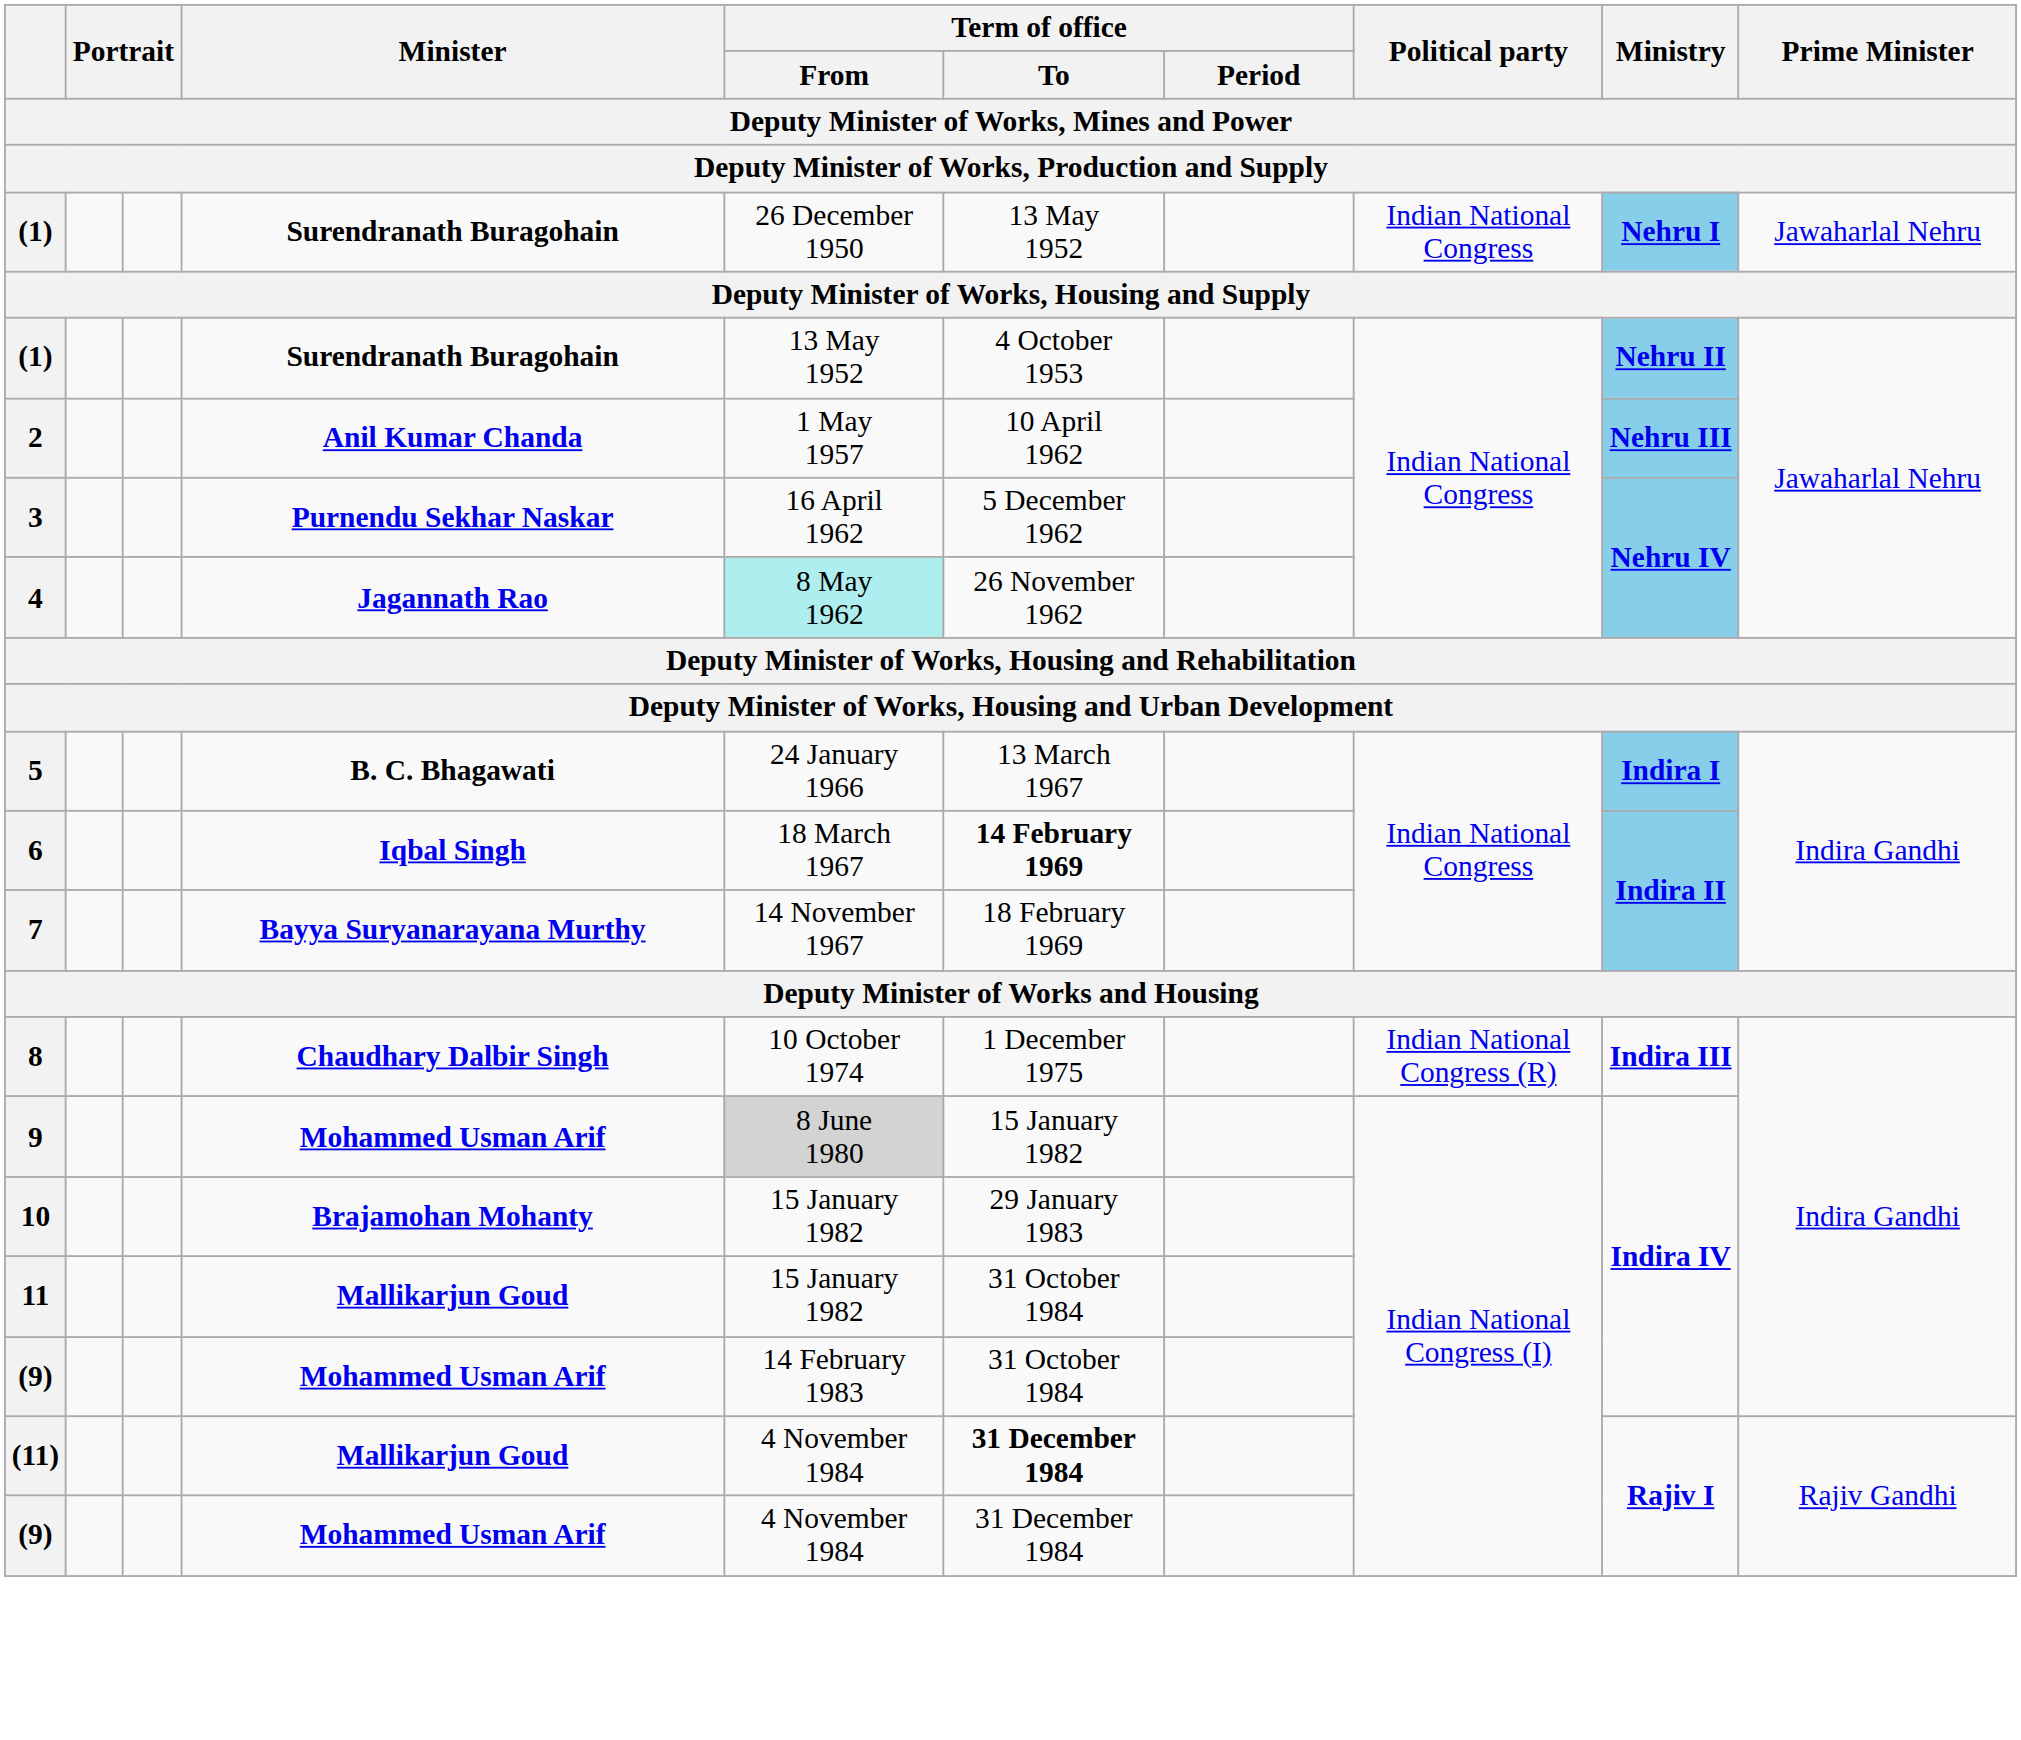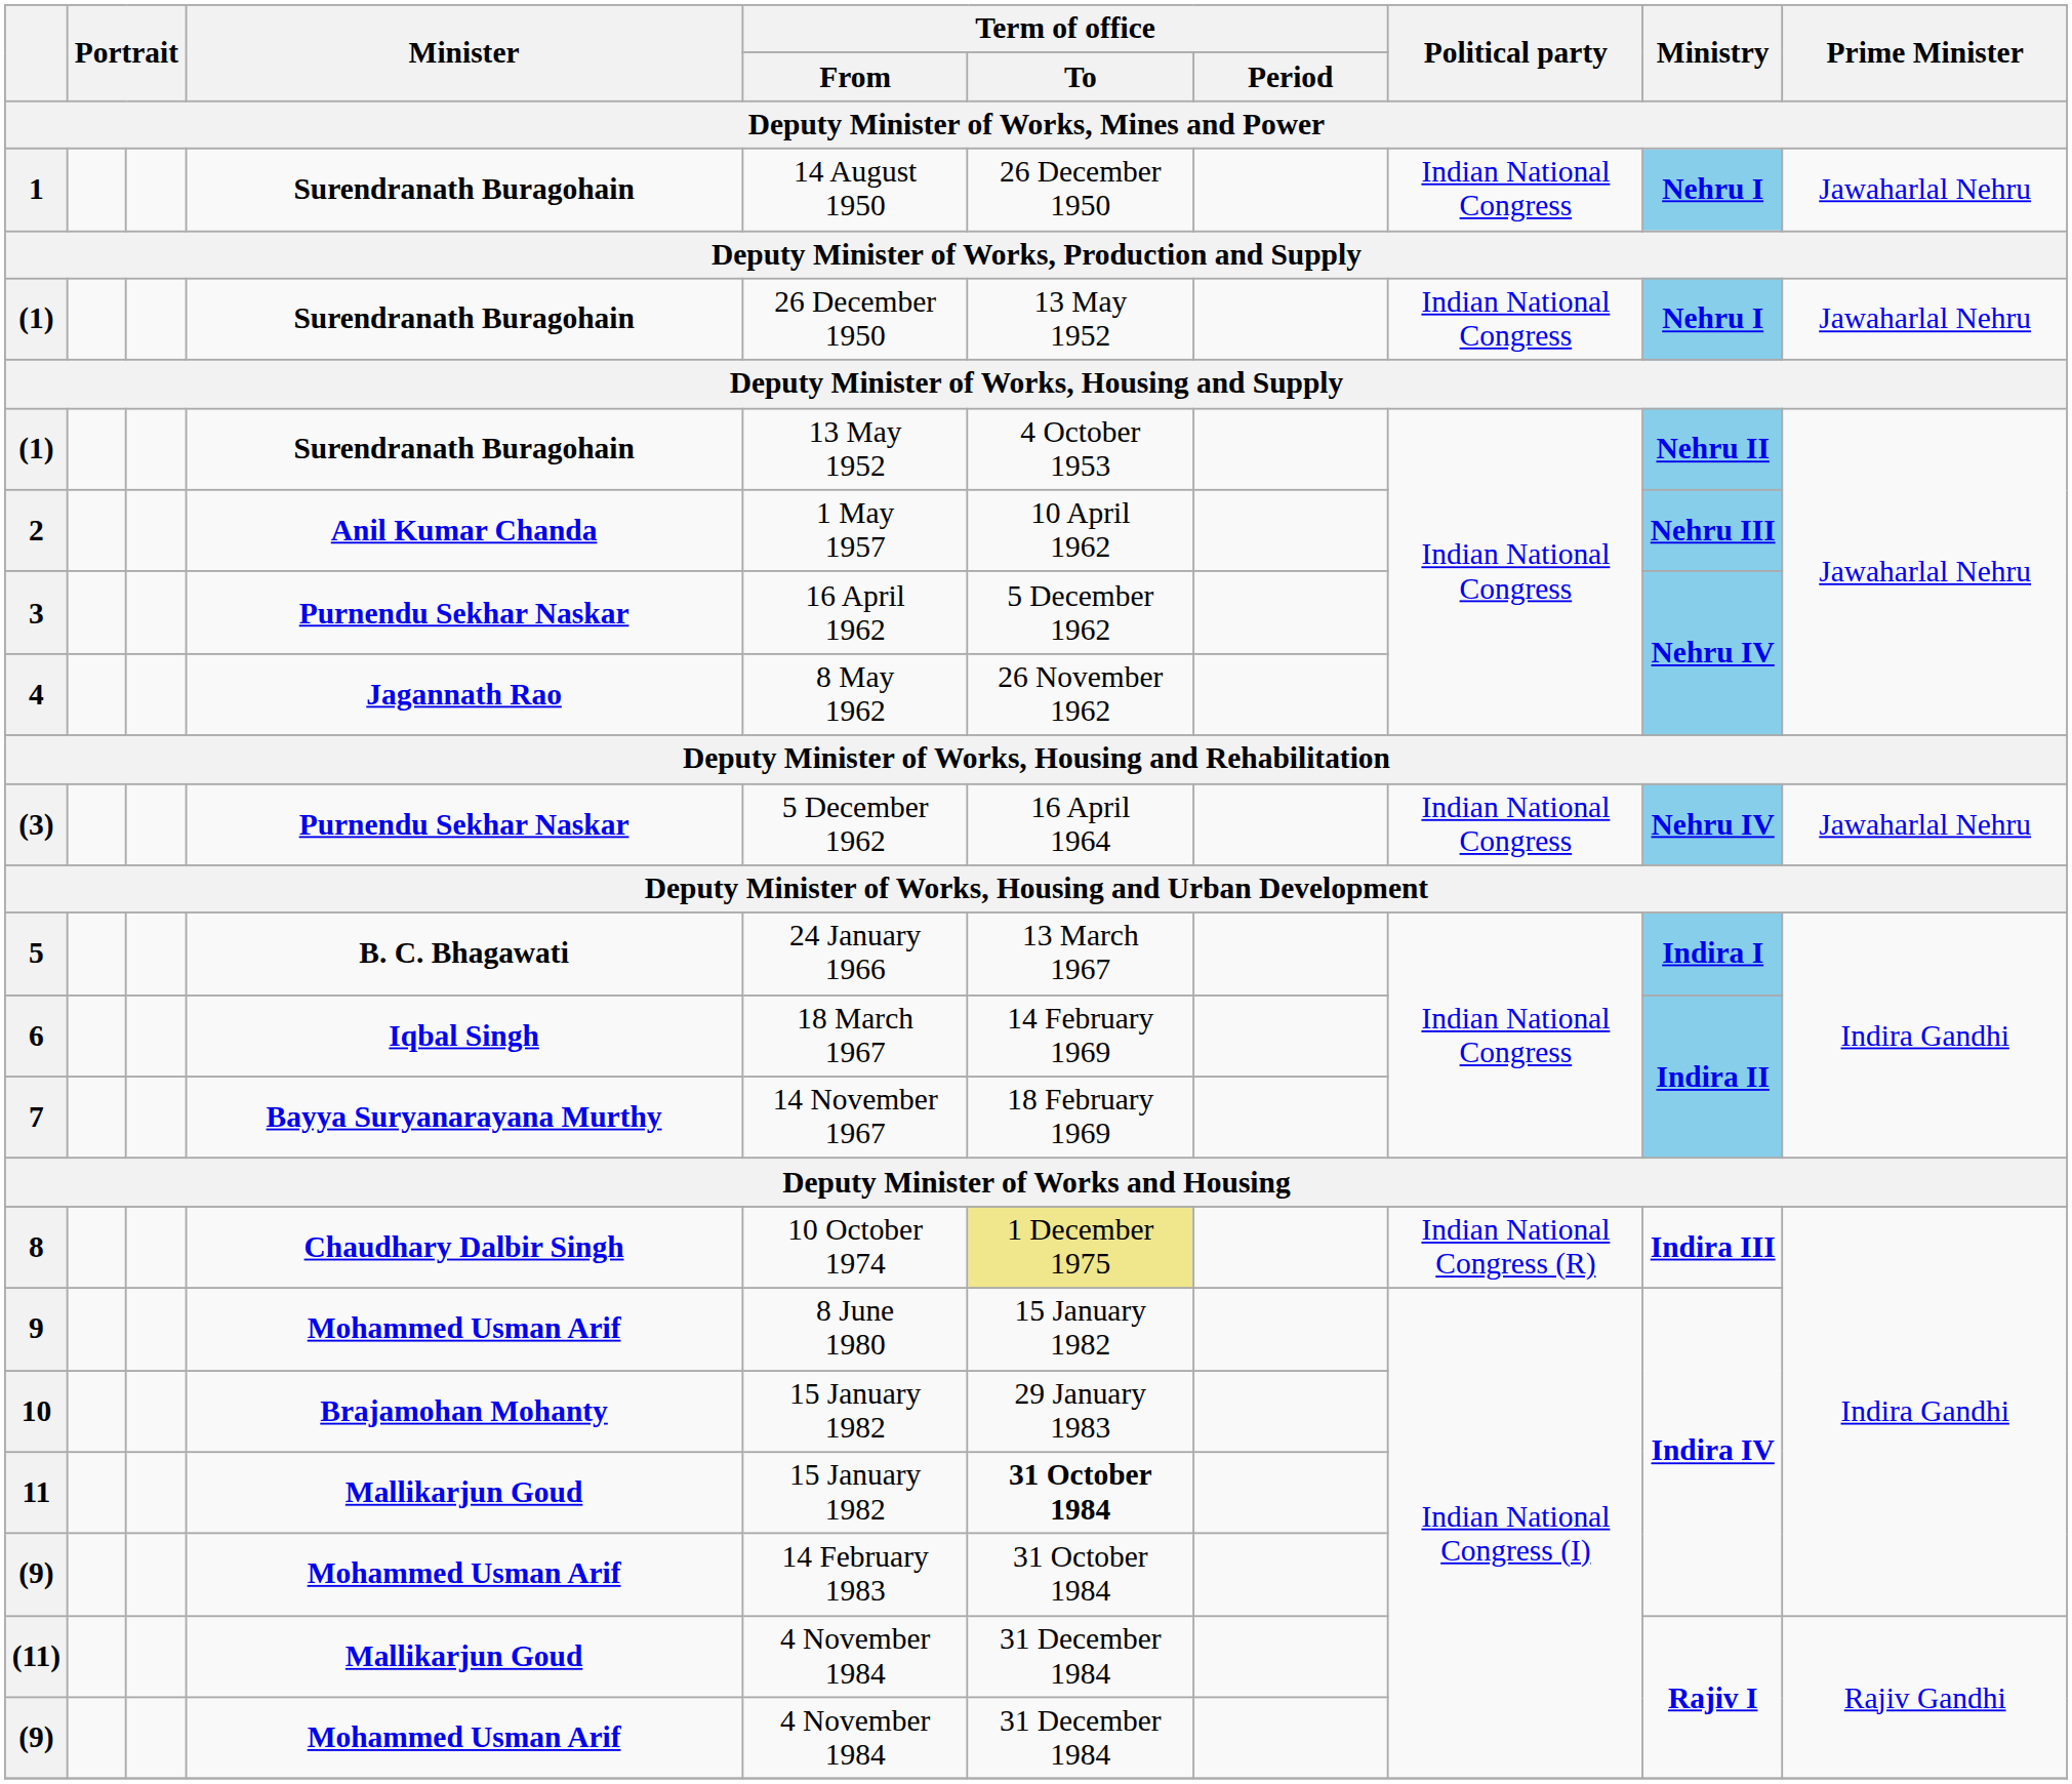 <table class="wikitable" style="text-align:center">
 <tr>
 <th rowspan="2"></th>
 <th rowspan="2" colspan="2">Portrait</th>
 <th rowspan="2" style="width:18em">Minister<br></th>
 <th colspan="3">Term of office</th>
 <th rowspan="2" style="width:8em">Political party</th>
 <th rowspan="2">Ministry</th>
 <th rowspan="2" style="width:9em">Prime Minister</th>
 </tr>
 <tr>
 <th style="width:7em">From</th>
 <th style="width:7em">To</th>
 <th style="width:6em">Period</th>
 </tr>
 <tr>
 <th colspan="10">Deputy Minister of Works, Mines and Power</th>
+</tr>
+<tr>
+<th>1</th>
+<td></td>
+<td></td>
+<td><strong>Surendranath Buragohain</strong></td>
+<td>14 August<br>1950</td>
+<td>26 December<br>1950</td>
+<td><strong></strong></td>
+<td><a href='#'>Indian National Congress</a></td>
+<td bgcolor="#87CEEB"><strong><a href='#'>Nehru I</a></strong></td>
+<td><a href='#'>Jawaharlal Nehru</a></td>
 </tr>
 <tr>
 <th colspan="10">Deputy Minister of Works, Production and Supply</th>
 </tr>
 <tr>
 <th>(1)</th>
 <td></td>
 <td></td>
 <td><strong>Surendranath Buragohain</strong></td>
 <td>26 December<br>1950</td>
 <td>13 May<br>1952</td>
 <td><strong></strong></td>
 <td><a href='#'>Indian National Congress</a></td>
 <td bgcolor="#87CEEB"><strong><a href='#'>Nehru I</a></strong></td>
 <td><a href='#'>Jawaharlal Nehru</a></td>
 </tr>
 <tr>
 <th colspan="10">Deputy Minister of Works, Housing and Supply</th>
 </tr>
 <tr>
 <th>(1)</th>
 <td></td>
 <td></td>
 <td><strong>Surendranath Buragohain</strong><br></td>
 <td>13 May<br>1952</td>
 <td>4 October<br>1953</td>
 <td><strong></strong></td>
 <td rowspan="4"><a href='#'>Indian National Congress</a></td>
 <td bgcolor="#87CEEB"><strong><a href='#'>Nehru II</a></strong></td>
 <td rowspan="4"><a href='#'>Jawaharlal Nehru</a></td>
 </tr>
 <tr>
 <th>2</th>
 <td></td>
 <td></td>
 <td><strong><a href='#'>Anil Kumar Chanda</a></strong><br></td>
 <td>1 May<br>1957</td>
 <td>10 April<br>1962</td>
 <td><strong></strong></td>
 <td bgcolor="#87CEEB"><strong><a href='#'>Nehru III</a></strong></td>
 </tr>
 <tr>
 <th>3</th>
 <td></td>
 <td></td>
 <td><strong><a href='#'>Purnendu Sekhar Naskar</a></strong><br></td>
 <td>16 April<br>1962</td>
 <td>5 December<br>1962</td>
 <td><strong></strong></td>
 <td rowspan="2" bgcolor="#87CEEB"><strong><a href='#'>Nehru IV</a></strong></td>
 </tr>
 <tr>
 <th>4</th>
 <td></td>
 <td></td>
 <td><strong><a href='#'>Jagannath Rao</a></strong><br></td>
-<td style="background: paleturquoise;">8 May<br>1962</td>
+<td>8 May<br>1962</td>
 <td>26 November<br>1962</td>
 <td><strong></strong></td>
 </tr>
 <tr>
 <th colspan="10">Deputy Minister of Works, Housing and Rehabilitation</th>
+</tr>
+<tr>
+<th>(3)</th>
+<td></td>
+<td></td>
+<td><strong><a href='#'>Purnendu Sekhar Naskar</a></strong><br></td>
+<td>5 December<br>1962</td>
+<td>16 April<br>1964</td>
+<td><strong></strong></td>
+<td><a href='#'>Indian National Congress</a></td>
+<td bgcolor="#87CEEB"><strong><a href='#'>Nehru IV</a></strong></td>
+<td><a href='#'>Jawaharlal Nehru</a></td>
 </tr>
 <tr>
 <th colspan="10">Deputy Minister of Works, Housing and Urban Development</th>
 </tr>
 <tr>
 <th>5</th>
 <td></td>
 <td></td>
 <td><strong>B. C. Bhagawati</strong><br></td>
 <td>24 January<br>1966</td>
 <td>13 March<br>1967</td>
 <td><strong></strong></td>
 <td rowspan="3"><a href='#'>Indian National Congress</a></td>
 <td bgcolor="#87CEEB"><strong><a href='#'>Indira I</a></strong></td>
 <td rowspan="3"><a href='#'>Indira Gandhi</a></td>
 </tr>
 <tr>
 <th>6</th>
 <td></td>
 <td></td>
 <td><strong><a href='#'>Iqbal Singh</a></strong><br></td>
 <td>18 March<br>1967</td>
-<td><strong>14 February<br>1969</strong></td>
+<td>14 February<br>1969</td>
 <td><strong></strong></td>
 <td rowspan="2" bgcolor="#87CEEB"><strong><a href='#'>Indira II</a></strong></td>
 </tr>
 <tr>
 <th>7</th>
 <td></td>
 <td></td>
 <td><strong><a href='#'>Bayya Suryanarayana Murthy</a></strong><br></td>
 <td>14 November<br>1967</td>
 <td>18 February<br>1969</td>
 <td><strong></strong></td>
 </tr>
 <tr>
 <th colspan="10">Deputy Minister of Works and Housing</th>
 </tr>
 <tr>
 <th>8</th>
 <td></td>
 <td></td>
 <td><strong><a href='#'>Chaudhary Dalbir Singh</a></strong><br></td>
 <td>10 October<br>1974</td>
-<td>1 December<br>1975</td>
+<td style="background: khaki;">1 December<br>1975</td>
 <td><strong></strong></td>
 <td><a href='#'>Indian National Congress (R)</a></td>
 <td><strong><a href='#'>Indira III</a></strong></td>
 <td rowspan="5"><a href='#'>Indira Gandhi</a></td>
 </tr>
 <tr>
 <th>9</th>
 <td></td>
 <td></td>
 <td><strong><a href='#'>Mohammed Usman Arif</a></strong><br></td>
-<td style="background: lightgrey;">8 June<br>1980</td>
+<td>8 June<br>1980</td>
 <td>15 January<br>1982</td>
 <td><strong></strong></td>
 <td rowspan="6"><a href='#'>Indian National Congress (I)</a></td>
 <td rowspan="4"><strong><a href='#'>Indira IV</a></strong></td>
 </tr>
 <tr>
 <th>10</th>
 <td></td>
 <td></td>
 <td><strong><a href='#'>Brajamohan Mohanty</a></strong><br></td>
 <td>15 January<br>1982</td>
 <td>29 January<br>1983</td>
 <td><strong></strong></td>
 </tr>
 <tr>
 <th>11</th>
 <td></td>
 <td></td>
 <td><strong><a href='#'>Mallikarjun Goud</a></strong><br></td>
 <td>15 January<br>1982</td>
-<td>31 October<br>1984</td>
+<td><strong>31 October<br>1984</strong></td>
 <td><strong></strong></td>
 </tr>
 <tr>
 <th>(9)</th>
 <td></td>
 <td></td>
 <td><strong><a href='#'>Mohammed Usman Arif</a></strong><br></td>
 <td>14 February<br>1983</td>
 <td>31 October<br>1984</td>
 <td><strong></strong></td>
 </tr>
 <tr>
 <th>(11)</th>
 <td></td>
 <td></td>
 <td><strong><a href='#'>Mallikarjun Goud</a></strong><br></td>
 <td>4 November<br>1984</td>
-<td><strong>31 December<br>1984</strong></td>
+<td>31 December<br>1984</td>
 <td><strong></strong></td>
 <td rowspan="2"><strong><a href='#'>Rajiv I</a></strong></td>
 <td rowspan="2"><a href='#'>Rajiv Gandhi</a></td>
 </tr>
 <tr>
 <th>(9)</th>
 <td></td>
 <td></td>
 <td><strong><a href='#'>Mohammed Usman Arif</a></strong><br></td>
 <td>4 November<br>1984</td>
 <td>31 December<br>1984</td>
 <td><strong></strong></td>
 </tr>
 <tr>
 </tr>
 </table>
